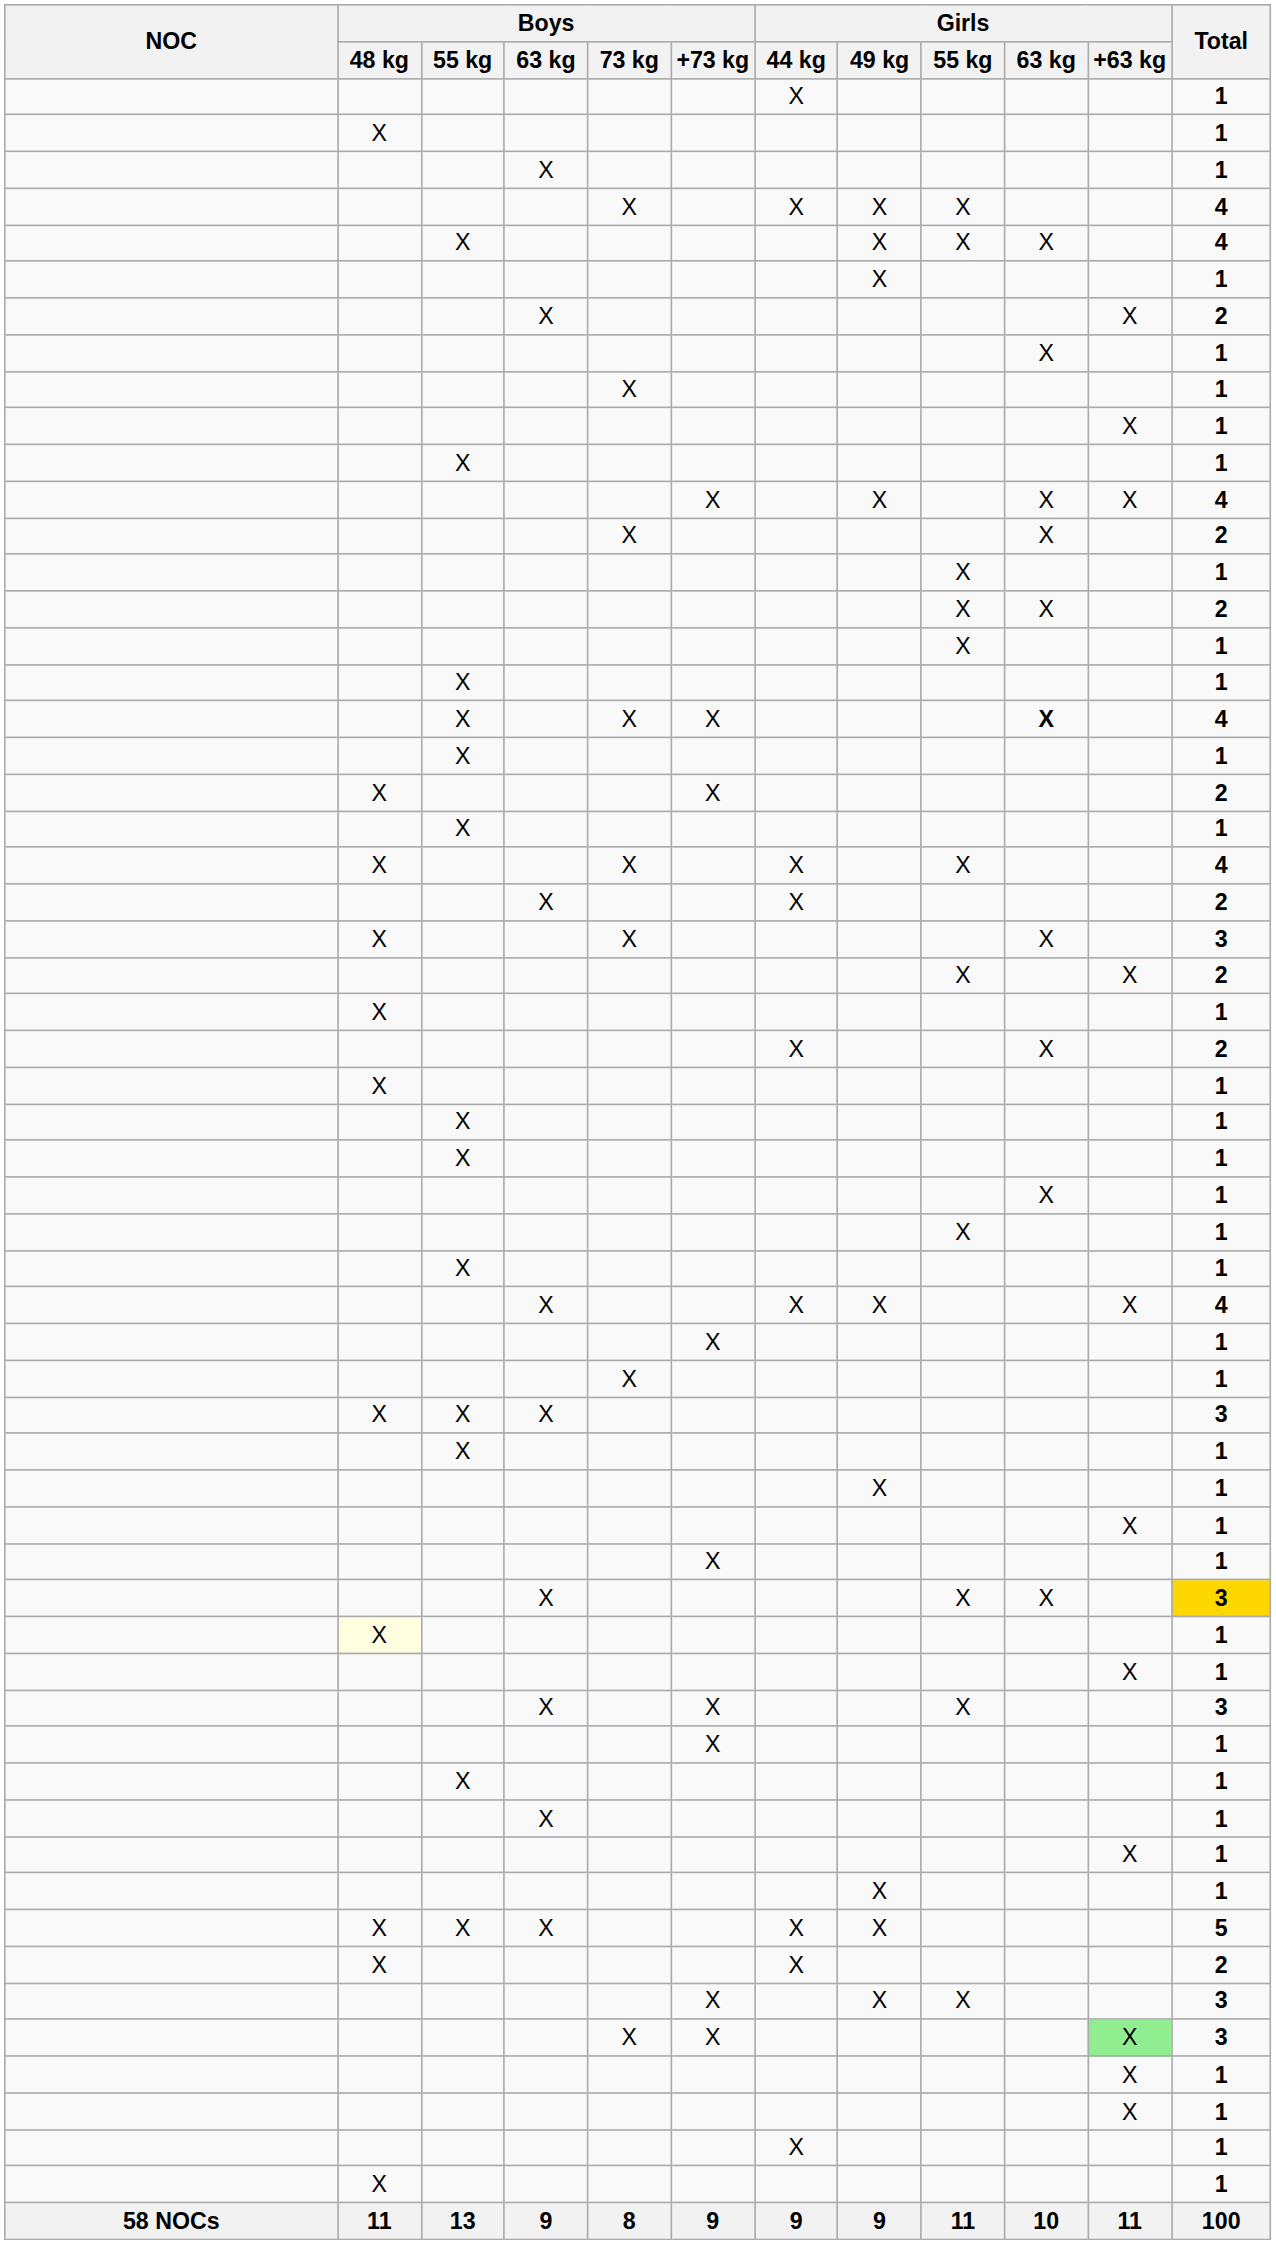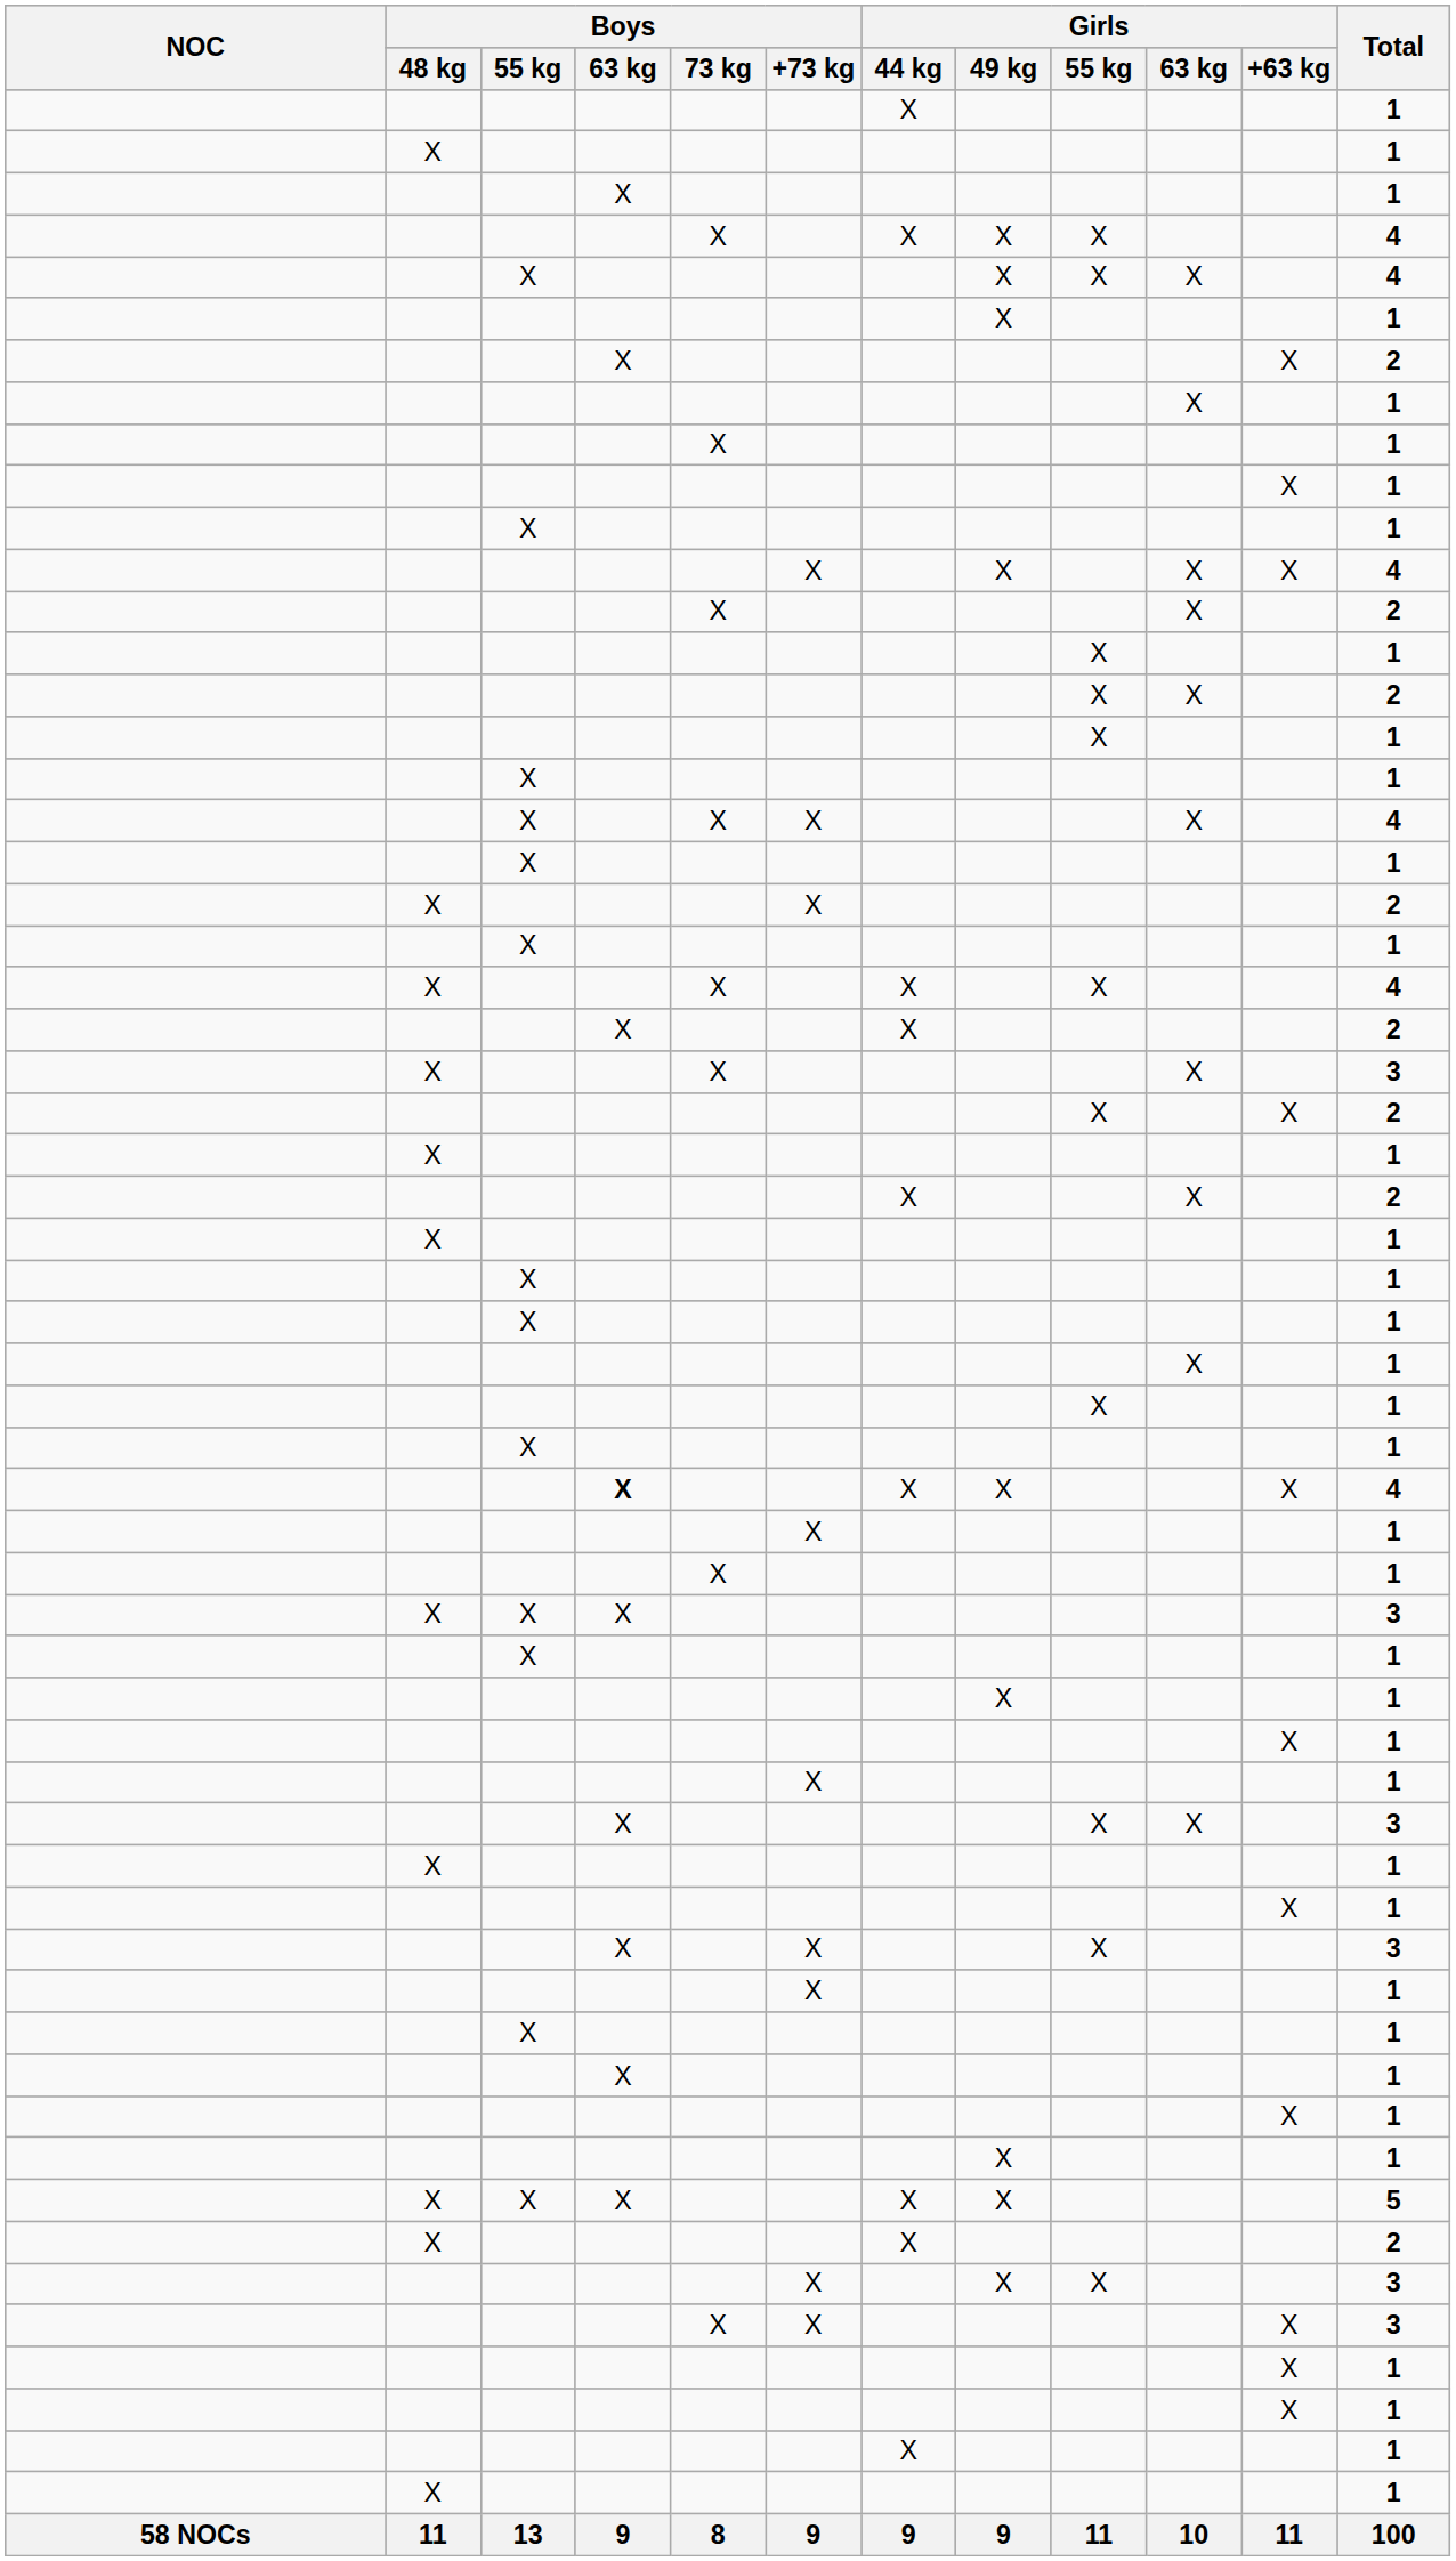 <table class="wikitable" style="text-align:center; font-size:90%">
 <tr>
 <th rowspan="2" width=200 align="left">NOC</th>
 <th colspan="5">Boys</th>
 <th colspan="5">Girls</th>
 <th width=55 rowspan="2">Total</th>
 </tr>
 <tr>
 <th width=45>48 kg</th>
 <th width=45>55 kg</th>
 <th width=45>63 kg</th>
 <th width=45>73 kg</th>
 <th width=45>+73 kg</th>
 <th width=45>44 kg</th>
 <th width=45>49 kg</th>
 <th width=45>55 kg</th>
 <th width=45>63 kg</th>
 <th width=45>+63 kg</th>
 </tr>
 <tr>
 <td align="left"></td>
 <td></td>
 <td></td>
 <td></td>
 <td></td>
 <td></td>
 <td>X</td>
 <td></td>
 <td></td>
 <td></td>
 <td></td>
 <td><strong>1</strong></td>
 </tr>
 <tr>
 <td align="left"></td>
 <td>X</td>
 <td></td>
 <td></td>
 <td></td>
 <td></td>
 <td></td>
 <td></td>
 <td></td>
 <td></td>
 <td></td>
 <td><strong>1</strong></td>
 </tr>
 <tr>
 <td align="left"></td>
 <td></td>
 <td></td>
 <td>X</td>
 <td></td>
 <td></td>
 <td></td>
 <td></td>
 <td></td>
 <td></td>
 <td></td>
 <td><strong>1</strong></td>
 </tr>
 <tr>
 <td align="left"></td>
 <td></td>
 <td></td>
 <td></td>
 <td>X</td>
 <td></td>
 <td>X</td>
 <td>X</td>
 <td>X</td>
 <td></td>
 <td></td>
 <td><strong>4</strong></td>
 </tr>
 <tr>
 <td align="left"></td>
 <td></td>
 <td>X</td>
 <td></td>
 <td></td>
 <td></td>
 <td></td>
 <td>X</td>
 <td>X</td>
 <td>X</td>
 <td></td>
 <td><strong>4</strong></td>
 </tr>
 <tr>
 <td align="left"></td>
 <td></td>
 <td></td>
 <td></td>
 <td></td>
 <td></td>
 <td></td>
 <td>X</td>
 <td></td>
 <td></td>
 <td></td>
 <td><strong>1</strong></td>
 </tr>
 <tr>
 <td align="left"></td>
 <td></td>
 <td></td>
 <td>X</td>
 <td></td>
 <td></td>
 <td></td>
 <td></td>
 <td></td>
 <td></td>
 <td>X</td>
 <td><strong>2</strong></td>
 </tr>
 <tr>
 <td align="left"></td>
 <td></td>
 <td></td>
 <td></td>
 <td></td>
 <td></td>
 <td></td>
 <td></td>
 <td></td>
 <td>X</td>
 <td></td>
 <td><strong>1</strong></td>
 </tr>
 <tr>
 <td align="left"></td>
 <td></td>
 <td></td>
 <td></td>
 <td>X</td>
 <td></td>
 <td></td>
 <td></td>
 <td></td>
 <td></td>
 <td></td>
 <td><strong>1</strong></td>
 </tr>
 <tr>
 <td align="left"></td>
 <td></td>
 <td></td>
 <td></td>
 <td></td>
 <td></td>
 <td></td>
 <td></td>
 <td></td>
 <td></td>
 <td>X</td>
 <td><strong>1</strong></td>
 </tr>
 <tr>
 <td align="left"></td>
 <td></td>
 <td>X</td>
 <td></td>
 <td></td>
 <td></td>
 <td></td>
 <td></td>
 <td></td>
 <td></td>
 <td></td>
 <td><strong>1</strong></td>
 </tr>
 <tr>
 <td align="left"></td>
 <td></td>
 <td></td>
 <td></td>
 <td></td>
 <td>X</td>
 <td></td>
 <td>X</td>
 <td></td>
 <td>X</td>
 <td>X</td>
 <td><strong>4</strong></td>
 </tr>
 <tr>
 <td align="left"></td>
 <td></td>
 <td></td>
 <td></td>
 <td>X</td>
 <td></td>
 <td></td>
 <td></td>
 <td></td>
 <td>X</td>
 <td></td>
 <td><strong>2</strong></td>
 </tr>
 <tr>
 <td align="left"></td>
 <td></td>
 <td></td>
 <td></td>
 <td></td>
 <td></td>
 <td></td>
 <td></td>
 <td>X</td>
 <td></td>
 <td></td>
 <td><strong>1</strong></td>
 </tr>
 <tr>
 <td align="left"></td>
 <td></td>
 <td></td>
 <td></td>
 <td></td>
 <td></td>
 <td></td>
 <td></td>
 <td>X</td>
 <td>X</td>
 <td></td>
 <td><strong>2</strong></td>
 </tr>
 <tr>
 <td align="left"></td>
 <td></td>
 <td></td>
 <td></td>
 <td></td>
 <td></td>
 <td></td>
 <td></td>
 <td>X</td>
 <td></td>
 <td></td>
 <td><strong>1</strong></td>
 </tr>
 <tr>
 <td align="left"></td>
 <td></td>
 <td>X</td>
 <td></td>
 <td></td>
 <td></td>
 <td></td>
 <td></td>
 <td></td>
 <td></td>
 <td></td>
 <td><strong>1</strong></td>
 </tr>
 <tr>
 <td align="left"></td>
 <td></td>
 <td>X</td>
 <td></td>
 <td>X</td>
 <td>X</td>
 <td></td>
 <td></td>
 <td></td>
-<td><strong>X</strong></td>
+<td>X</td>
 <td></td>
 <td><strong>4</strong></td>
 </tr>
 <tr>
 <td align="left"></td>
 <td></td>
 <td>X</td>
 <td></td>
 <td></td>
 <td></td>
 <td></td>
 <td></td>
 <td></td>
 <td></td>
 <td></td>
 <td><strong>1</strong></td>
 </tr>
 <tr>
 <td align="left"></td>
 <td>X</td>
 <td></td>
 <td></td>
 <td></td>
 <td>X</td>
 <td></td>
 <td></td>
 <td></td>
 <td></td>
 <td></td>
 <td><strong>2</strong></td>
 </tr>
 <tr>
 <td align="left"></td>
 <td></td>
 <td>X</td>
 <td></td>
 <td></td>
 <td></td>
 <td></td>
 <td></td>
 <td></td>
 <td></td>
 <td></td>
 <td><strong>1</strong></td>
 </tr>
 <tr>
 <td align="left"></td>
 <td>X</td>
 <td></td>
 <td></td>
 <td>X</td>
 <td></td>
 <td>X</td>
 <td></td>
 <td>X</td>
 <td></td>
 <td></td>
 <td><strong>4</strong></td>
 </tr>
 <tr>
 <td align="left"></td>
 <td></td>
 <td></td>
 <td>X</td>
 <td></td>
 <td></td>
 <td>X</td>
 <td></td>
 <td></td>
 <td></td>
 <td></td>
 <td><strong>2</strong></td>
 </tr>
 <tr>
 <td align="left"></td>
 <td>X</td>
 <td></td>
 <td></td>
 <td>X</td>
 <td></td>
 <td></td>
 <td></td>
 <td></td>
 <td>X</td>
 <td></td>
 <td><strong>3</strong></td>
 </tr>
 <tr>
 <td align="left"></td>
 <td></td>
 <td></td>
 <td></td>
 <td></td>
 <td></td>
 <td></td>
 <td></td>
 <td>X</td>
 <td></td>
 <td>X</td>
 <td><strong>2</strong></td>
 </tr>
 <tr>
 <td align="left"></td>
 <td>X</td>
 <td></td>
 <td></td>
 <td></td>
 <td></td>
 <td></td>
 <td></td>
 <td></td>
 <td></td>
 <td></td>
 <td><strong>1</strong></td>
 </tr>
 <tr>
 <td align="left"></td>
 <td></td>
 <td></td>
 <td></td>
 <td></td>
 <td></td>
 <td>X</td>
 <td></td>
 <td></td>
 <td>X</td>
 <td></td>
 <td><strong>2</strong></td>
 </tr>
 <tr>
 <td align="left"></td>
 <td>X</td>
 <td></td>
 <td></td>
 <td></td>
 <td></td>
 <td></td>
 <td></td>
 <td></td>
 <td></td>
 <td></td>
 <td><strong>1</strong></td>
 </tr>
 <tr>
 <td align="left"></td>
 <td></td>
 <td>X</td>
 <td></td>
 <td></td>
 <td></td>
 <td></td>
 <td></td>
 <td></td>
 <td></td>
 <td></td>
 <td><strong>1</strong></td>
 </tr>
 <tr>
 <td align="left"></td>
 <td></td>
 <td>X</td>
 <td></td>
 <td></td>
 <td></td>
 <td></td>
 <td></td>
 <td></td>
 <td></td>
 <td></td>
 <td><strong>1</strong></td>
 </tr>
 <tr>
 <td align="left"></td>
 <td></td>
 <td></td>
 <td></td>
 <td></td>
 <td></td>
 <td></td>
 <td></td>
 <td></td>
 <td>X</td>
 <td></td>
 <td><strong>1</strong></td>
 </tr>
 <tr>
 <td align="left"></td>
 <td></td>
 <td></td>
 <td></td>
 <td></td>
 <td></td>
 <td></td>
 <td></td>
 <td>X</td>
 <td></td>
 <td></td>
 <td><strong>1</strong></td>
 </tr>
 <tr>
 <td align="left"></td>
 <td></td>
 <td>X</td>
 <td></td>
 <td></td>
 <td></td>
 <td></td>
 <td></td>
 <td></td>
 <td></td>
 <td></td>
 <td><strong>1</strong></td>
 </tr>
 <tr>
 <td align="left"></td>
 <td></td>
 <td></td>
-<td>X</td>
+<td><strong>X</strong></td>
 <td></td>
 <td></td>
 <td>X</td>
 <td>X</td>
 <td></td>
 <td></td>
 <td>X</td>
 <td><strong>4</strong></td>
 </tr>
 <tr>
 <td align="left"></td>
 <td></td>
 <td></td>
 <td></td>
 <td></td>
 <td>X</td>
 <td></td>
 <td></td>
 <td></td>
 <td></td>
 <td></td>
 <td><strong>1</strong></td>
 </tr>
 <tr>
 <td align="left"></td>
 <td></td>
 <td></td>
 <td></td>
 <td>X</td>
 <td></td>
 <td></td>
 <td></td>
 <td></td>
 <td></td>
 <td></td>
 <td><strong>1</strong></td>
 </tr>
 <tr>
 <td align="left"></td>
 <td>X</td>
 <td>X</td>
 <td>X</td>
 <td></td>
 <td></td>
 <td></td>
 <td></td>
 <td></td>
 <td></td>
 <td></td>
 <td><strong>3</strong></td>
 </tr>
 <tr>
 <td align="left"></td>
 <td></td>
 <td>X</td>
 <td></td>
 <td></td>
 <td></td>
 <td></td>
 <td></td>
 <td></td>
 <td></td>
 <td></td>
 <td><strong>1</strong></td>
 </tr>
 <tr>
 <td align="left"></td>
 <td></td>
 <td></td>
 <td></td>
 <td></td>
 <td></td>
 <td></td>
 <td>X</td>
 <td></td>
 <td></td>
 <td></td>
 <td><strong>1</strong></td>
 </tr>
 <tr>
 <td align="left"></td>
 <td></td>
 <td></td>
 <td></td>
 <td></td>
 <td></td>
 <td></td>
 <td></td>
 <td></td>
 <td></td>
 <td>X</td>
 <td><strong>1</strong></td>
 </tr>
 <tr>
 <td align="left"></td>
 <td></td>
 <td></td>
 <td></td>
 <td></td>
 <td>X</td>
 <td></td>
 <td></td>
 <td></td>
 <td></td>
 <td></td>
 <td><strong>1</strong></td>
 </tr>
 <tr>
 <td align="left"></td>
 <td></td>
 <td></td>
 <td>X</td>
 <td></td>
 <td></td>
 <td></td>
 <td></td>
 <td>X</td>
 <td>X</td>
 <td></td>
-<td style="background: gold;"><strong>3</strong></td>
+<td><strong>3</strong></td>
 </tr>
 <tr>
 <td align="left"></td>
-<td style="background: lightyellow;">X</td>
+<td>X</td>
 <td></td>
 <td></td>
 <td></td>
 <td></td>
 <td></td>
 <td></td>
 <td></td>
 <td></td>
 <td></td>
 <td><strong>1</strong></td>
 </tr>
 <tr>
 <td align="left"></td>
 <td></td>
 <td></td>
 <td></td>
 <td></td>
 <td></td>
 <td></td>
 <td></td>
 <td></td>
 <td></td>
 <td>X</td>
 <td><strong>1</strong></td>
 </tr>
 <tr>
 <td align="left"></td>
 <td></td>
 <td></td>
 <td>X</td>
 <td></td>
 <td>X</td>
 <td></td>
 <td></td>
 <td>X</td>
 <td></td>
 <td></td>
 <td><strong>3</strong></td>
 </tr>
 <tr>
 <td align="left"></td>
 <td></td>
 <td></td>
 <td></td>
 <td></td>
 <td>X</td>
 <td></td>
 <td></td>
 <td></td>
 <td></td>
 <td></td>
 <td><strong>1</strong></td>
 </tr>
 <tr>
 <td align="left"></td>
 <td></td>
 <td>X</td>
 <td></td>
 <td></td>
 <td></td>
 <td></td>
 <td></td>
 <td></td>
 <td></td>
 <td></td>
 <td><strong>1</strong></td>
 </tr>
 <tr>
 <td align="left"></td>
 <td></td>
 <td></td>
 <td>X</td>
 <td></td>
 <td></td>
 <td></td>
 <td></td>
 <td></td>
 <td></td>
 <td></td>
 <td><strong>1</strong></td>
 </tr>
 <tr>
 <td align="left"></td>
 <td></td>
 <td></td>
 <td></td>
 <td></td>
 <td></td>
 <td></td>
 <td></td>
 <td></td>
 <td></td>
 <td>X</td>
 <td><strong>1</strong></td>
 </tr>
 <tr>
 <td align="left"></td>
 <td></td>
 <td></td>
 <td></td>
 <td></td>
 <td></td>
 <td></td>
 <td>X</td>
 <td></td>
 <td></td>
 <td></td>
 <td><strong>1</strong></td>
 </tr>
 <tr>
 <td align="left"></td>
 <td>X</td>
 <td>X</td>
 <td>X</td>
 <td></td>
 <td></td>
 <td>X</td>
 <td>X</td>
 <td></td>
 <td></td>
 <td></td>
 <td><strong>5</strong></td>
 </tr>
 <tr>
 <td align="left"></td>
 <td>X</td>
 <td></td>
 <td></td>
 <td></td>
 <td></td>
 <td>X</td>
 <td></td>
 <td></td>
 <td></td>
 <td></td>
 <td><strong>2</strong></td>
 </tr>
 <tr>
 <td align="left"></td>
 <td></td>
 <td></td>
 <td></td>
 <td></td>
 <td>X</td>
 <td></td>
 <td>X</td>
 <td>X</td>
 <td></td>
 <td></td>
 <td><strong>3</strong></td>
 </tr>
 <tr>
 <td align="left"></td>
 <td></td>
 <td></td>
 <td></td>
 <td>X</td>
 <td>X</td>
 <td></td>
 <td></td>
 <td></td>
 <td></td>
-<td style="background: lightgreen;">X</td>
+<td>X</td>
 <td><strong>3</strong></td>
 </tr>
 <tr>
 <td align="left"></td>
 <td></td>
 <td></td>
 <td></td>
 <td></td>
 <td></td>
 <td></td>
 <td></td>
 <td></td>
 <td></td>
 <td>X</td>
 <td><strong>1</strong></td>
 </tr>
 <tr>
 <td align="left"></td>
 <td></td>
 <td></td>
 <td></td>
 <td></td>
 <td></td>
 <td></td>
 <td></td>
 <td></td>
 <td></td>
 <td>X</td>
 <td><strong>1</strong></td>
 </tr>
 <tr>
 <td align="left"></td>
 <td></td>
 <td></td>
 <td></td>
 <td></td>
 <td></td>
 <td>X</td>
 <td></td>
 <td></td>
 <td></td>
 <td></td>
 <td><strong>1</strong></td>
 </tr>
 <tr>
 <td align="left"></td>
 <td>X</td>
 <td></td>
 <td></td>
 <td></td>
 <td></td>
 <td></td>
 <td></td>
 <td></td>
 <td></td>
 <td></td>
 <td><strong>1</strong></td>
 </tr>
 <tr>
 <th>58 NOCs</th>
 <th>11</th>
 <th>13</th>
 <th>9</th>
 <th>8</th>
 <th>9</th>
 <th>9</th>
 <th>9</th>
 <th>11</th>
 <th>10</th>
 <th>11</th>
 <th>100</th>
 </tr>
 </table>
